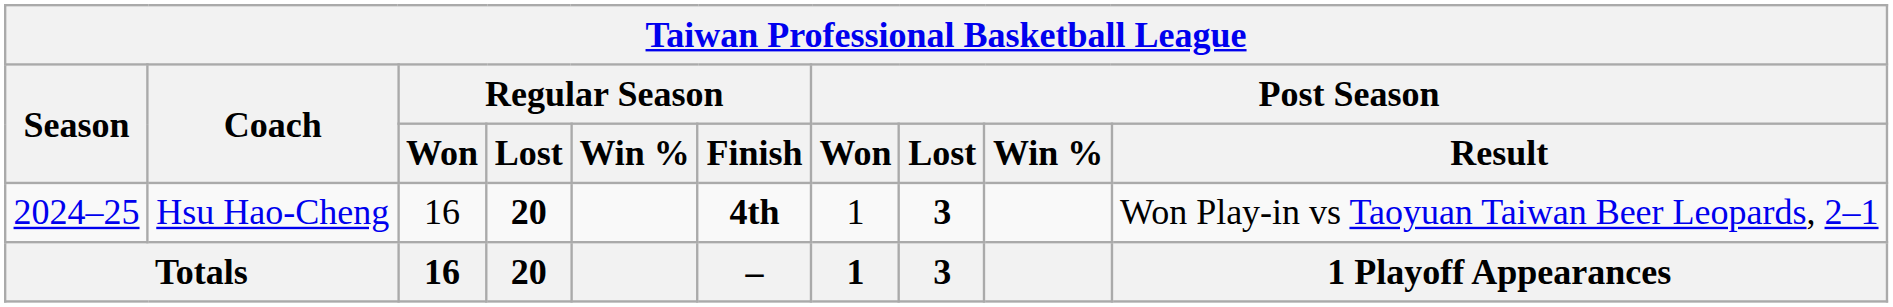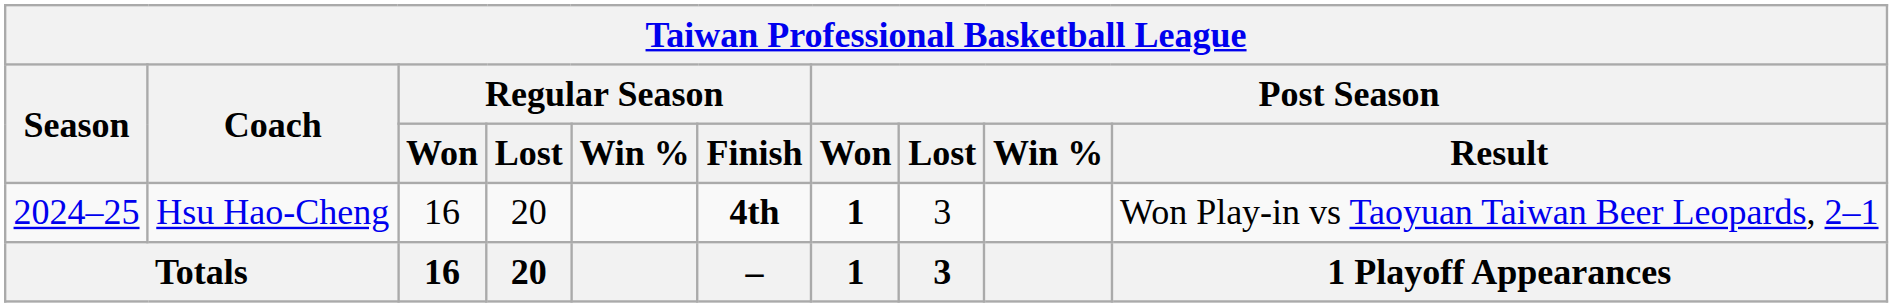 <table class="wikitable" style="font-size: 95%; text-align:center;">
 <tr>
 <th colspan="10"><a href='#'>Taiwan Professional Basketball League</a></th>
 </tr>
 <tr>
 <th rowspan="2">Season</th>
 <th rowspan="2">Coach</th>
 <th colspan="4">Regular Season</th>
 <th colspan="4">Post Season</th>
 </tr>
 <tr>
 <th>Won</th>
 <th>Lost</th>
 <th>Win %</th>
 <th>Finish</th>
 <th>Won</th>
 <th>Lost</th>
 <th>Win %</th>
 <th>Result</th>
 </tr>
 <tr>
 <td><a href='#'>2024–25</a></td>
 <td><a href='#'>Hsu Hao-Cheng</a></td>
 <td>16</td>
-<td><strong>20</strong></td>
+<td>20</td>
 <td></td>
 <td><strong>4th</strong></td>
-<td>1</td>
-<td><strong>3</strong></td>
+<td><strong>1</strong></td>
+<td>3</td>
 <td></td>
 <td>Won Play-in vs <a href='#'>Taoyuan Taiwan Beer Leopards</a>, <a href='#'>2–1</a></td>
 </tr>
 <tr>
 <th colspan="2">Totals</th>
 <th>16</th>
 <th>20</th>
 <th></th>
 <th>–</th>
 <th>1</th>
 <th>3</th>
 <th></th>
 <th>1 Playoff Appearances</th>
 </tr>
 </table>
